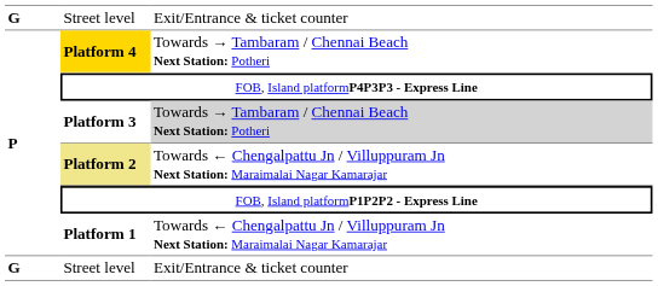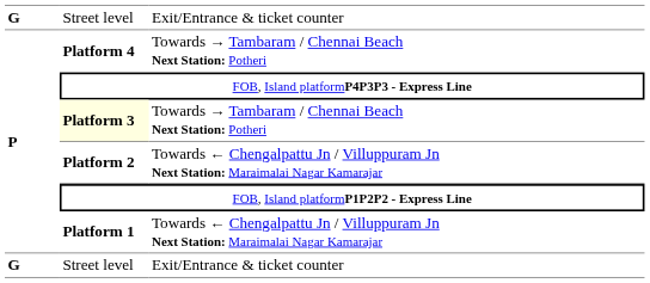 <table cellpadding="3" cellspacing="0" border="0">
 <tr>
 <td valign="top" width="30" style="border-top:solid 1px gray;border-bottom:solid 1px gray;"><strong>G</strong></td>
 <td valign="top" width="85" style="border-top:solid 1px gray;border-bottom:solid 1px gray;">Street level</td>
 <td valign="top" width="500" style="border-top:solid 1px gray;border-bottom:solid 1px gray;">Exit/Entrance & ticket counter</td>
 </tr>
 <tr>
 <td rowspan="6" style="border-bottom:solid 1px gray;" width="50" valign="center";><strong>P</strong></td>
-<td width="85" style="background: gold; border-bottom:solid 1px white;"><span><strong>Platform 4</strong></span></td>
+<td width="85" style="border-bottom:solid 1px white;"><span><strong>Platform 4</strong></span></td>
 <td width="500" style="border-bottom:solid 1px white;">Towards → <a href='#'>Tambaram</a> / <a href='#'>Chennai Beach</a><br><small><strong>Next Station:</strong> <a href='#'>Potheri</a></small></td>
 </tr>
 <tr>
 <td colspan="2" style="border-top:solid 2px black;border-right:solid 2px black;border-left:solid 2px black;border-bottom:solid 2px black;text-align:center;"><a href='#'><small>FOB</small></a><small>, <a href='#'>Island platform</a><strong>P4</strong><strong>P3</strong><strong>P3 - Express Line</strong></small></td>
 </tr>
 <tr>
-<td width="85" style="border-bottom:solid 1px gray;"><span><strong>Platform 3</strong></span></td>
-<td style="background: lightgrey; border-bottom:solid 1px gray;" width="500">Towards → <a href='#'>Tambaram</a> / <a href='#'>Chennai Beach</a><br><small><strong>Next Station:</strong> <a href='#'>Potheri</a></small></td>
+<td width="85" style="background: lightyellow; border-bottom:solid 1px gray;"><span><strong>Platform 3</strong></span></td>
+<td style="border-bottom:solid 1px gray;" width="500">Towards → <a href='#'>Tambaram</a> / <a href='#'>Chennai Beach</a><br><small><strong>Next Station:</strong> <a href='#'>Potheri</a></small></td>
 </tr>
 <tr>
-<td width="85" style="background: khaki; border-bottom:solid 1px gray;"><span><strong>Platform 2</strong></span></td>
+<td width="85" style="border-bottom:solid 1px gray;"><span><strong>Platform 2</strong></span></td>
 <td width="500" style="border-bottom:solid 1px gray;">Towards ← <a href='#'>Chengalpattu Jn</a> / <a href='#'>Villuppuram Jn</a><br><small><strong>Next Station:</strong> <a href='#'>Maraimalai Nagar Kamarajar</a></small></td>
 </tr>
 <tr>
 <td colspan="2" style="border-top:solid 2px black;border-right:solid 2px black;border-left:solid 2px black;border-bottom:solid 2px black;text-align:center;"><a href='#'><small>FOB</small></a><small>, <a href='#'>Island platform</a><strong>P1</strong><strong>P2</strong><strong>P2 - Express Line</strong></small></td>
 </tr>
 <tr>
 <td width="85" style="border-bottom:solid 1px gray;"><span><strong>Platform 1</strong></span></td>
 <td style="border-bottom:solid 1px gray;" width="500">Towards ← <a href='#'>Chengalpattu Jn</a> / <a href='#'>Villuppuram Jn</a><br><small><strong>Next Station:</strong> <a href='#'>Maraimalai Nagar Kamarajar</a></small></td>
 </tr>
 <tr>
 <td style="border-bottom:solid 1px gray;" width="50" valign="top"><strong>G</strong></td>
 <td style="border-bottom:solid 1px gray;" width="50" valign="top">Street level</td>
 <td style="border-bottom:solid 1px gray;" width="50" valign="top">Exit/Entrance & ticket counter</td>
 </tr>
 <tr>
 </tr>
 </table>
